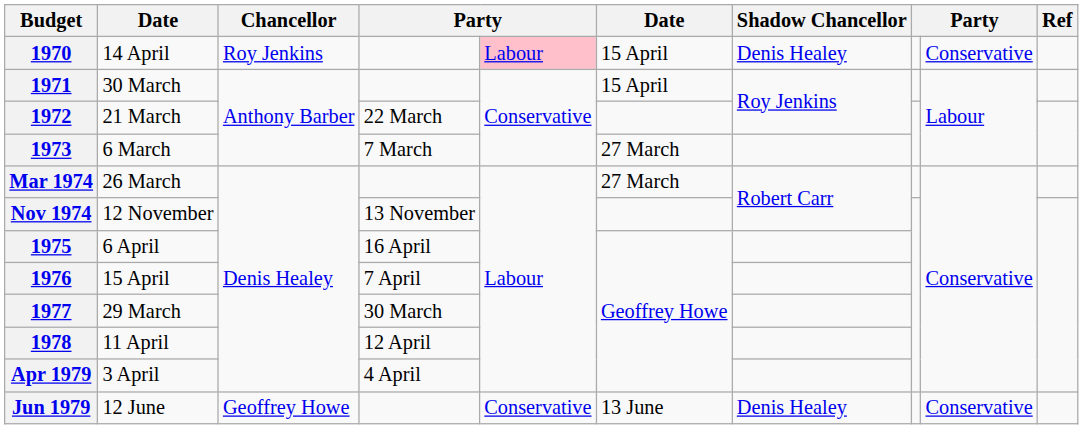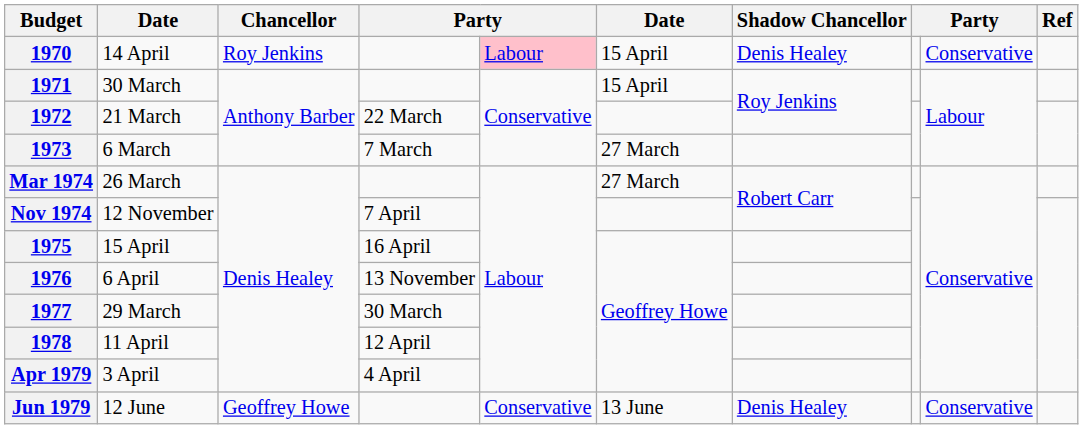 <table class= "wikitable">
 <tr>
 <th scope= "col">Budget</th>
 <th scope= "col">Date</th>
 <th scope= "col">Chancellor</th>
 <th colspan= "2">Party</th>
 <th scope= "col">Date</th>
 <th scope= "col">Shadow Chancellor</th>
 <th colspan= "2">Party</th>
 <th scope= "col">Ref</th>
 </tr>
 <tr>
 <th><a href='#'>1970</a></th>
 <td>14 April</td>
 <td><a href='#'>Roy Jenkins</a></td>
 <td style="background-color: "></td>
 <td style="background: pink;"><a href='#'>Labour</a></td>
 <td>15 April</td>
 <td><a href='#'>Denis Healey</a></td>
 <td style="background-color: "></td>
 <td><a href='#'>Conservative</a></td>
 <td></td>
 </tr>
 <tr>
 <th><a href='#'>1971</a></th>
 <td>30 March</td>
 <td rowspan="3"><a href='#'>Anthony Barber</a></td>
 <td style="background-color: "></td>
 <td rowspan= "3"><a href='#'>Conservative</a></td>
 <td>15 April</td>
 <td rowspan="2"><a href='#'>Roy Jenkins</a></td>
 <td style="background-color: "></td>
 <td rowspan= "3"><a href='#'>Labour</a></td>
 <td></td>
 </tr>
 <tr>
 <th><a href='#'>1972</a></th>
 <td>21 March</td>
 <td>22 March</td>
 <td></td>
 </tr>
 <tr>
 <th><a href='#'>1973</a></th>
 <td>6 March</td>
 <td>7 March</td>
 <td>27 March</td>
 <td></td>
 </tr>
 <tr>
 <th><a href='#'>Mar 1974</a></th>
 <td>26 March</td>
 <td rowspan="7"><a href='#'>Denis Healey</a></td>
 <td style="background-color: "></td>
 <td rowspan= "7"><a href='#'>Labour</a></td>
 <td>27 March</td>
 <td rowspan="2"><a href='#'>Robert Carr</a></td>
 <td style="background-color: "></td>
 <td rowspan= "7"><a href='#'>Conservative</a></td>
 <td></td>
 </tr>
 <tr>
 <th><a href='#'>Nov 1974</a></th>
 <td>12 November</td>
-<td>13 November</td>
+<td>7 April</td>
 <td></td>
 </tr>
 <tr>
 <th><a href='#'>1975</a></th>
-<td>6 April</td>
+<td>15 April</td>
 <td>16 April</td>
 <td rowspan="5"><a href='#'>Geoffrey Howe</a></td>
 <td></td>
 </tr>
 <tr>
 <th><a href='#'>1976</a></th>
-<td>15 April</td>
-<td>7 April</td>
+<td>6 April</td>
+<td>13 November</td>
 <td></td>
 </tr>
 <tr>
 <th><a href='#'>1977</a></th>
 <td>29 March</td>
 <td>30 March</td>
 <td></td>
 </tr>
 <tr>
 <th><a href='#'>1978</a></th>
 <td>11 April</td>
 <td>12 April</td>
 <td></td>
 </tr>
 <tr>
 <th><a href='#'>Apr 1979</a></th>
 <td>3 April</td>
 <td>4 April</td>
 <td></td>
 </tr>
 <tr>
 <th><a href='#'>Jun 1979</a></th>
 <td>12 June</td>
 <td><a href='#'>Geoffrey Howe</a></td>
 <td style="background-color: "></td>
 <td><a href='#'>Conservative</a></td>
 <td>13 June</td>
 <td><a href='#'>Denis Healey</a></td>
 <td style="background-color: "></td>
 <td><a href='#'>Conservative</a></td>
 <td></td>
 </tr>
 </table>
